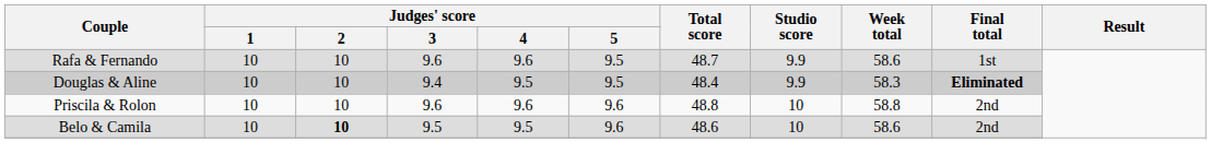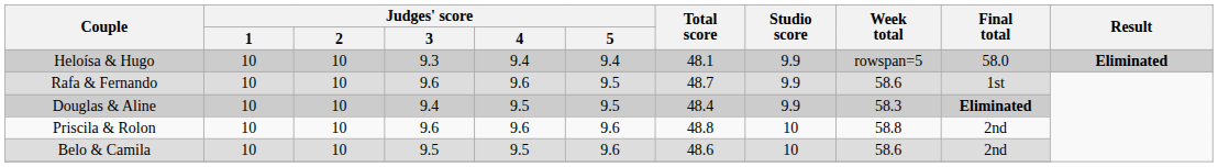 <table class="wikitable" style="font-size:100%; line-height:16px; text-align:center" width="100%">
 <tr>
 <th rowspan=2 width="11.00%">Couple</th>
 <th colspan=5 width="25.00%">Judges' score</th>
 <th rowspan=2 width="05.00%">Total<br>score</th>
 <th rowspan=2 width="05.00%">Studio<br>score</th>
 <th rowspan=2 width="05.00%">Week<br>total</th>
 <th rowspan=2 width="05.00%">Final<br>total</th>
 <th rowspan=2 width="09.00%">Result</th>
 </tr>
 <tr>
 <th width="05.00%">1</th>
 <th width="05.00%">2</th>
 <th width="05.00%">3</th>
 <th width="05.00%">4</th>
 <th width="05.00%">5</th>
+</tr>
+<tr bgcolor="CCCCCC">
+<td>Heloísa & Hugo</td>
+<td>10</td>
+<td>10</td>
+<td>9.3</td>
+<td>9.4</td>
+<td>9.4</td>
+<td>48.1</td>
+<td>9.9</td>
+<td>rowspan=5 </td>
+<td>58.0</td>
+<td><strong>Eliminated</strong></td>
 </tr>
 <tr bgcolor="DDDDDD">
 <td>Rafa & Fernando</td>
 <td>10</td>
 <td>10</td>
 <td>9.6</td>
 <td>9.6</td>
 <td>9.5</td>
 <td>48.7</td>
 <td>9.9</td>
 <td>58.6</td>
 <td>1st</td>
 </tr>
 <tr bgcolor="CCCCCC">
 <td>Douglas & Aline</td>
 <td>10</td>
 <td>10</td>
 <td>9.4</td>
 <td>9.5</td>
 <td>9.5</td>
 <td>48.4</td>
 <td>9.9</td>
 <td>58.3</td>
 <td><strong>Eliminated</strong></td>
 </tr>
 <tr>
 <td>Priscila & Rolon</td>
 <td>10</td>
 <td>10</td>
 <td>9.6</td>
 <td>9.6</td>
 <td>9.6</td>
 <td>48.8</td>
 <td>10</td>
 <td>58.8</td>
 <td>2nd</td>
 </tr>
 <tr bgcolor="DDDDDD">
 <td>Belo & Camila</td>
 <td>10</td>
-<td><strong>10</strong></td>
+<td>10</td>
 <td>9.5</td>
 <td>9.5</td>
 <td>9.6</td>
 <td>48.6</td>
 <td>10</td>
 <td>58.6</td>
 <td>2nd</td>
 </tr>
 <tr>
 </tr>
 </table>
